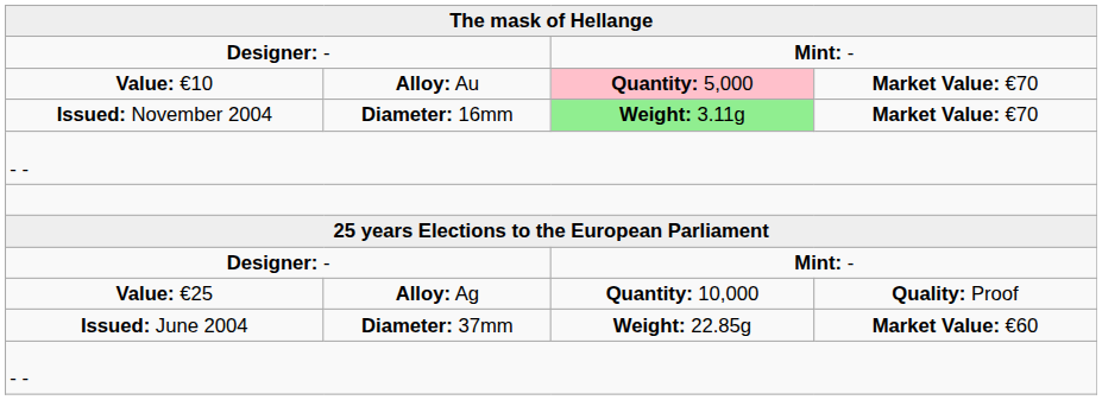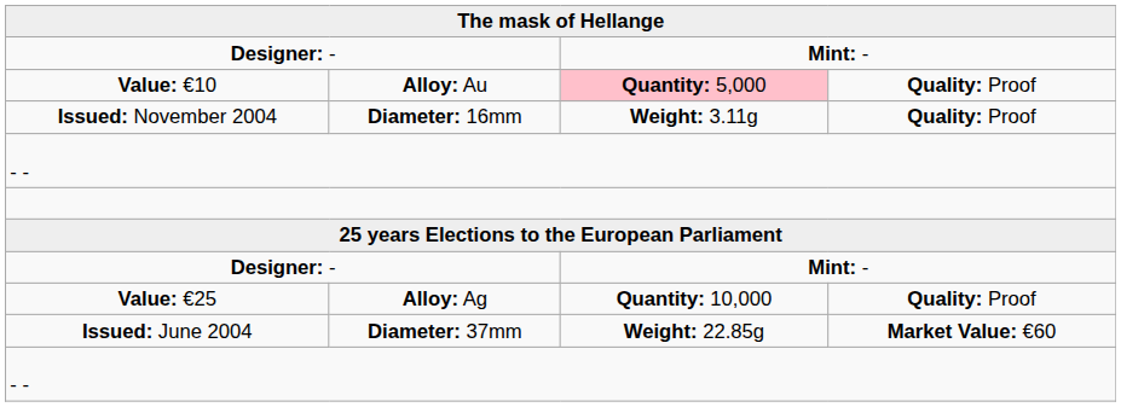 <table class="wikitable" width=100%>
 <tr>
 <th colspan="4" align=center style="background:#eeeeee;">The mask of Hellange</th>
 </tr>
 <tr>
 <td colspan="2" width="50%" align=center><strong>Designer:</strong>	-</td>
 <td colspan="2" width="50%" align=center><strong>Mint:</strong> -</td>
 </tr>
 <tr>
 <td align=center><strong>Value:</strong>	€10</td>
 <td align=center><strong>Alloy:</strong>	Au</td>
 <td align=center style="background: pink;"><strong>Quantity:</strong>	5,000</td>
-<td align=center><strong>Market Value:</strong>	€70</td>
+<td align=center><strong>Quality:</strong>	Proof</td>
 </tr>
 <tr>
 <td align=center><strong>Issued:</strong>	November 2004</td>
 <td align=center><strong>Diameter:</strong>	16mm</td>
-<td align=center style="background: lightgreen;"><strong>Weight:</strong>	3.11g</td>
-<td align=center><strong>Market Value:</strong>	€70</td>
+<td align=center><strong>Weight:</strong>	3.11g</td>
+<td align=center><strong>Quality:</strong>	Proof</td>
 </tr>
 <tr>
 <td colspan="5" align=left><br>-	 -</td>
 </tr>
 <tr>
 <td colspan="5" align=left> </td>
 </tr>
 <tr>
 <th colspan="4" align=center style="background:#eeeeee;">25 years Elections to the European Parliament</th>
 </tr>
 <tr>
 <td colspan="2" width="50%" align=center><strong>Designer:</strong>	-</td>
 <td colspan="2" width="50%" align=center><strong>Mint:</strong> -</td>
 </tr>
 <tr>
 <td align=center><strong>Value:</strong>	€25</td>
 <td align=center><strong>Alloy:</strong>	Ag</td>
 <td align=center><strong>Quantity:</strong>	10,000</td>
 <td align=center><strong>Quality:</strong>	Proof</td>
 </tr>
 <tr>
 <td align=center><strong>Issued:</strong>	June 2004</td>
 <td align=center><strong>Diameter:</strong>	37mm</td>
 <td align=center><strong>Weight:</strong>	22.85g</td>
 <td align=center><strong>Market Value:</strong>	€60</td>
 </tr>
 <tr>
 <td colspan="5" align=left><br>-	 -</td>
 </tr>
 </table>
